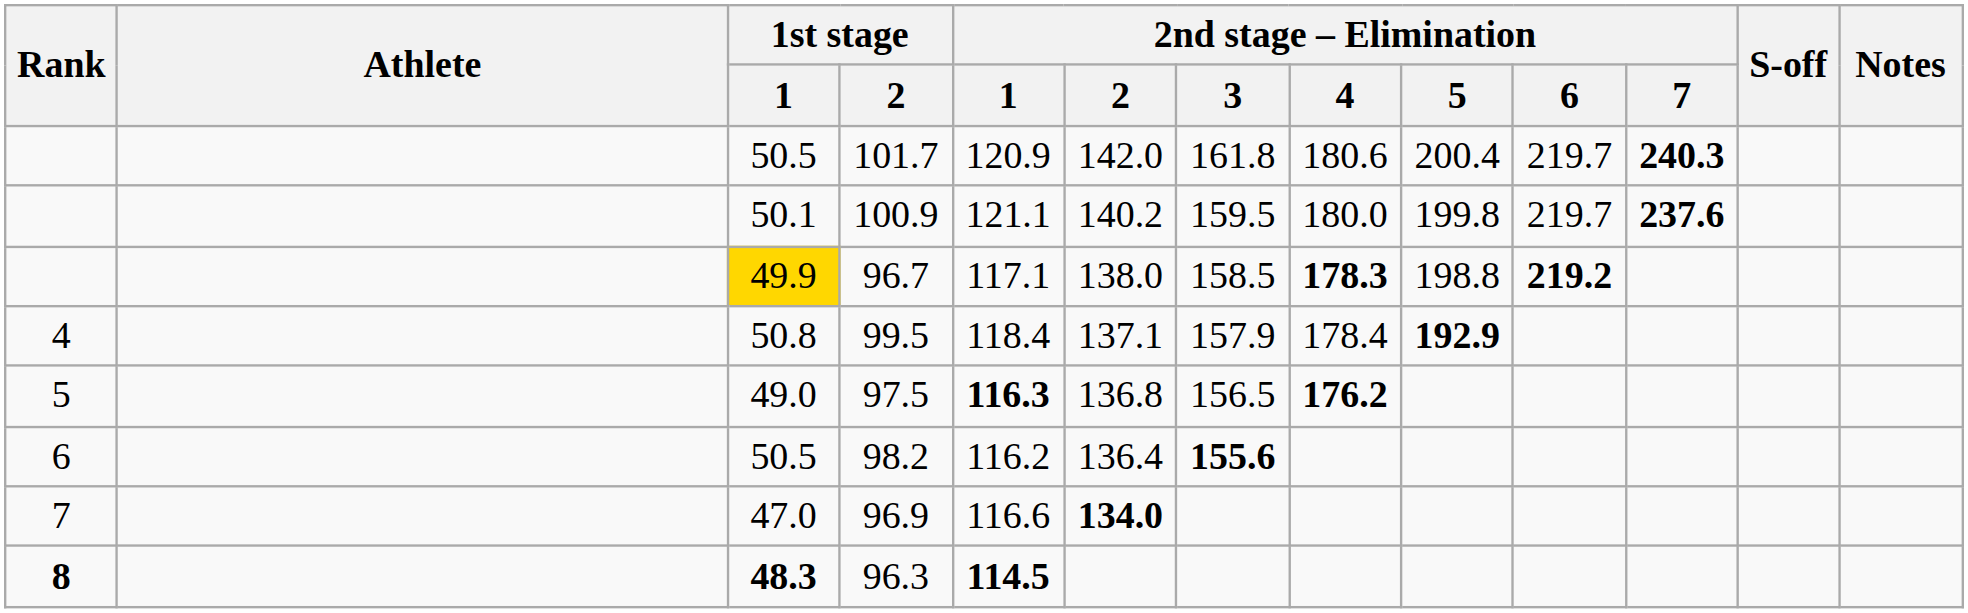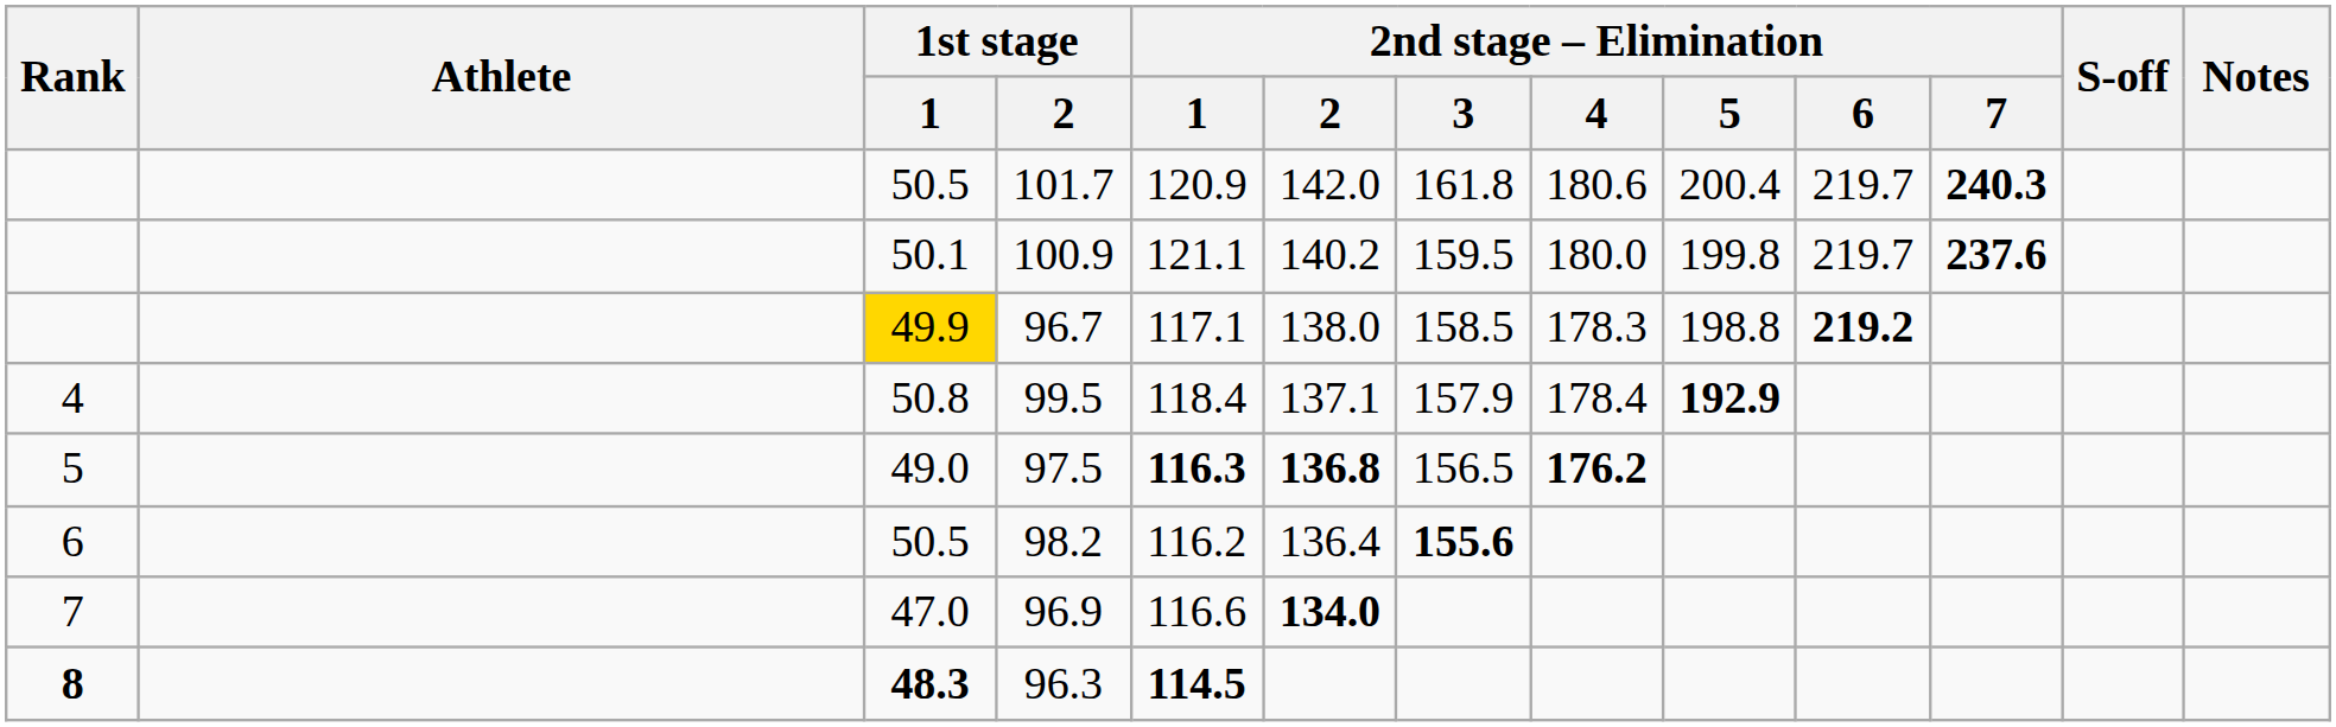 <table class="wikitable" style="text-align:center">
 <tr>
 <th rowspan=2 width=40>Rank</th>
 <th rowspan=2 width=250>Athlete</th>
 <th colspan=2>1st stage</th>
 <th colspan=7>2nd stage – Elimination</th>
 <th rowspan=2 width=35>S-off</th>
 <th rowspan=2 width=45>Notes</th>
 </tr>
 <tr>
 <th width=40>1</th>
 <th width=40>2</th>
 <th width=40>1</th>
 <th width=40>2</th>
 <th width=40>3</th>
 <th width=40>4</th>
 <th width=40>5</th>
 <th width=40>6</th>
 <th width=40>7</th>
 </tr>
 <tr>
 <td></td>
 <td align=left></td>
 <td>50.5</td>
 <td>101.7</td>
 <td>120.9</td>
 <td>142.0</td>
 <td>161.8</td>
 <td>180.6</td>
 <td>200.4</td>
 <td>219.7</td>
 <td><strong>240.3</strong></td>
 <td></td>
 <td></td>
 </tr>
 <tr>
 <td></td>
 <td align=left></td>
 <td>50.1</td>
 <td>100.9</td>
 <td>121.1</td>
 <td>140.2</td>
 <td>159.5</td>
 <td>180.0</td>
 <td>199.8</td>
 <td>219.7</td>
 <td><strong>237.6</strong></td>
 <td></td>
 <td></td>
 </tr>
 <tr>
 <td></td>
 <td align=left></td>
 <td style="background: gold;">49.9</td>
 <td>96.7</td>
 <td>117.1</td>
 <td>138.0</td>
 <td>158.5</td>
-<td><strong>178.3</strong></td>
+<td>178.3</td>
 <td>198.8</td>
 <td><strong>219.2</strong></td>
 <td></td>
 <td></td>
 <td></td>
 </tr>
 <tr>
 <td>4</td>
 <td align=left></td>
 <td>50.8</td>
 <td>99.5</td>
 <td>118.4</td>
 <td>137.1</td>
 <td>157.9</td>
 <td>178.4</td>
 <td><strong>192.9</strong></td>
 <td></td>
 <td></td>
 <td></td>
 <td></td>
 </tr>
 <tr>
 <td>5</td>
 <td align=left></td>
 <td>49.0</td>
 <td>97.5</td>
 <td><strong>116.3</strong></td>
-<td>136.8</td>
+<td><strong>136.8</strong></td>
 <td>156.5</td>
 <td><strong>176.2</strong></td>
 <td></td>
 <td></td>
 <td></td>
 <td></td>
 <td></td>
 </tr>
 <tr>
 <td>6</td>
 <td align=left></td>
 <td>50.5</td>
 <td>98.2</td>
 <td>116.2</td>
 <td>136.4</td>
 <td><strong>155.6</strong></td>
 <td></td>
 <td></td>
 <td></td>
 <td></td>
 <td></td>
 <td></td>
 </tr>
 <tr>
 <td>7</td>
 <td align=left></td>
 <td>47.0</td>
 <td>96.9</td>
 <td>116.6</td>
 <td><strong>134.0</strong></td>
 <td></td>
 <td></td>
 <td></td>
 <td></td>
 <td></td>
 <td></td>
 <td></td>
 </tr>
 <tr>
 <td><strong>8</strong></td>
 <td align=left></td>
 <td><strong>48.3</strong></td>
 <td>96.3</td>
 <td><strong>114.5</strong></td>
 <td></td>
 <td></td>
 <td></td>
 <td></td>
 <td></td>
 <td></td>
 <td></td>
 <td></td>
 </tr>
 </table>
